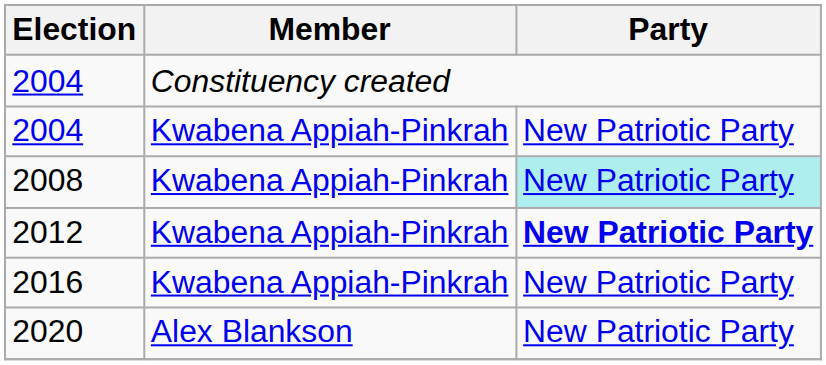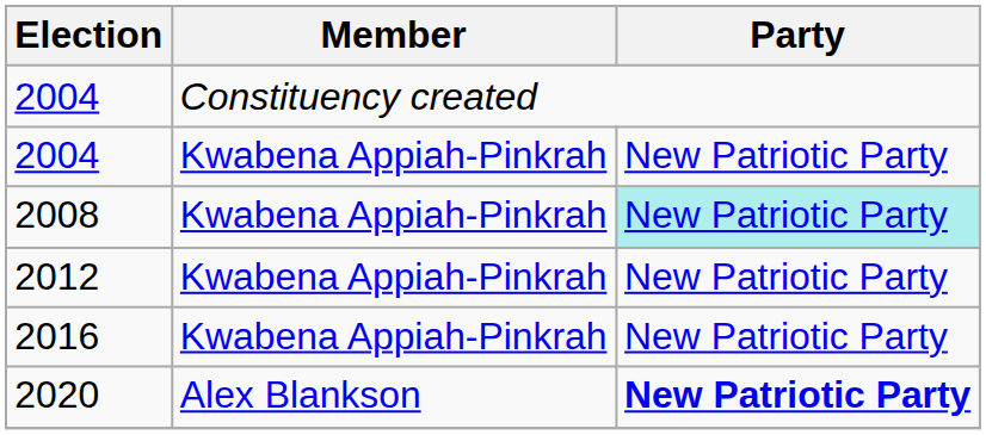 <table class="wikitable">
 <tr>
 <th>Election</th>
 <th>Member</th>
 <th>Party</th>
 </tr>
 <tr>
 <td><a href='#'>2004</a></td>
 <td colspan="2"><em>Constituency created</em></td>
 </tr>
 <tr>
 <td><a href='#'>2004</a></td>
 <td><a href='#'>Kwabena Appiah-Pinkrah</a></td>
 <td><a href='#'>New Patriotic Party</a></td>
 </tr>
 <tr>
 <td>2008</td>
 <td><a href='#'>Kwabena Appiah-Pinkrah</a></td>
 <td style="background: paleturquoise;"><a href='#'>New Patriotic Party</a></td>
 </tr>
 <tr>
 <td>2012</td>
 <td><a href='#'>Kwabena Appiah-Pinkrah</a></td>
-<td><strong><a href='#'>New Patriotic Party</a></strong></td>
+<td><a href='#'>New Patriotic Party</a></td>
 </tr>
 <tr>
 <td>2016</td>
 <td><a href='#'>Kwabena Appiah-Pinkrah</a></td>
 <td><a href='#'>New Patriotic Party</a></td>
 </tr>
 <tr>
 <td>2020</td>
 <td><a href='#'>Alex Blankson</a></td>
-<td><a href='#'>New Patriotic Party</a></td>
+<td><strong><a href='#'>New Patriotic Party</a></strong></td>
 </tr>
 <tr>
 </tr>
 </table>
